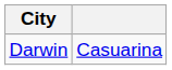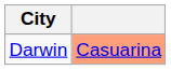 <table class="wikitable">
 <tr>
 <th>City</th>
 <th colspan="7"></th>
 </tr>
 <tr>
 <td><a href='#'>Darwin</a></td>
-<td><a href='#'>Casuarina</a></td>
+<td style="background: lightsalmon;"><a href='#'>Casuarina</a></td>
 </tr>
 </table>
